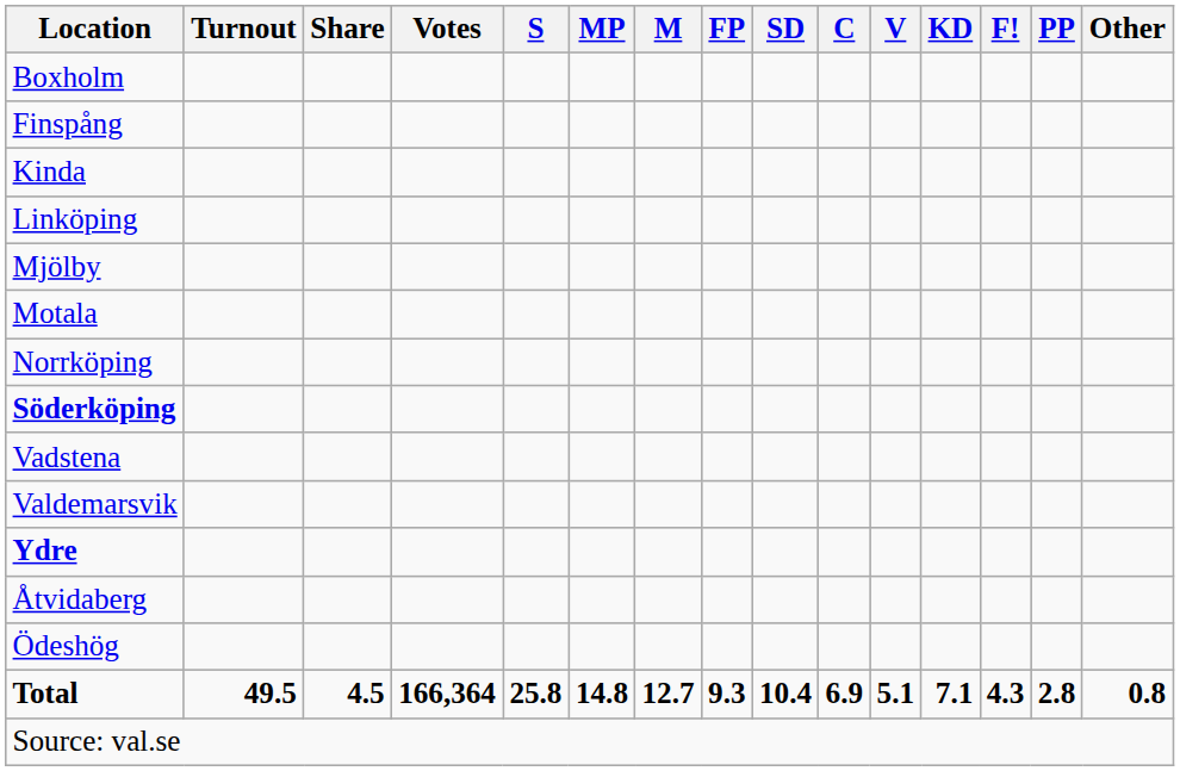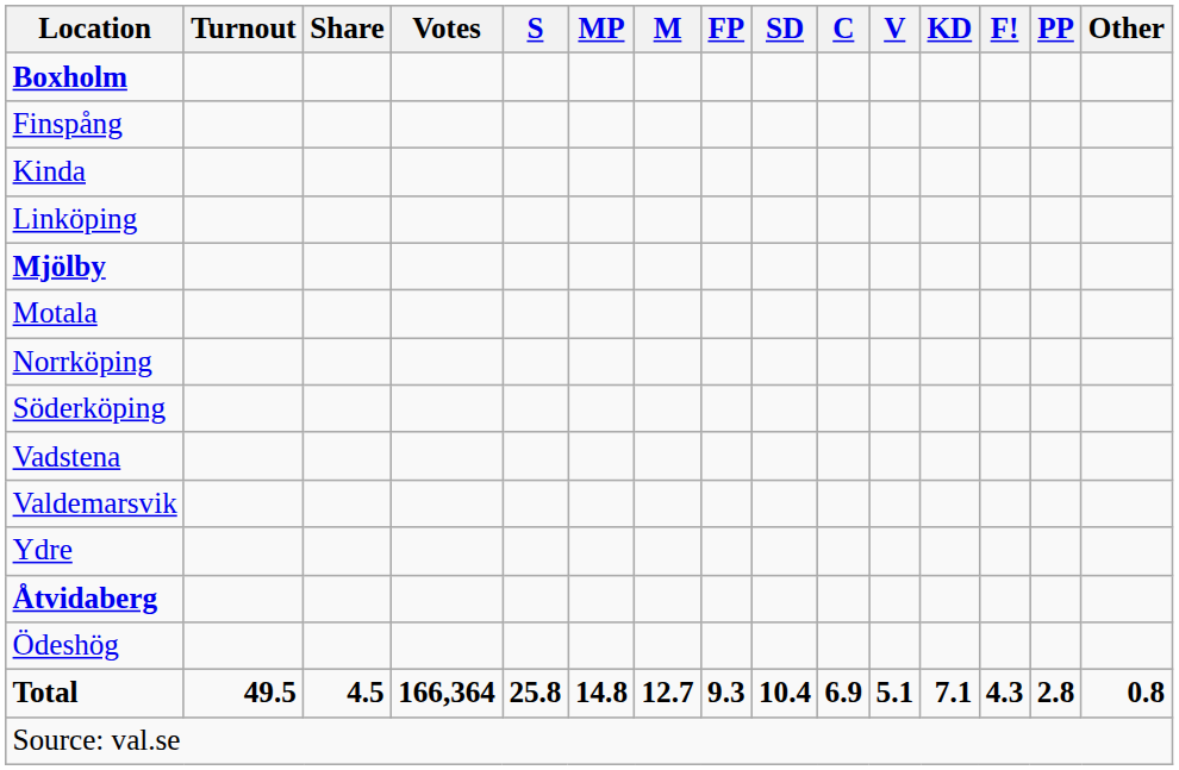 <table class="wikitable sortable" style=text-align:right>
 <tr>
 <th>Location</th>
 <th>Turnout</th>
 <th>Share</th>
 <th>Votes</th>
 <th><a href='#'>S</a></th>
 <th><a href='#'>MP</a></th>
 <th><a href='#'>M</a></th>
 <th><a href='#'>FP</a></th>
 <th><a href='#'>SD</a></th>
 <th><a href='#'>C</a></th>
 <th><a href='#'>V</a></th>
 <th><a href='#'>KD</a></th>
 <th><a href='#'>F!</a></th>
 <th><a href='#'>PP</a></th>
 <th>Other</th>
 </tr>
 <tr>
-<td align=left><a href='#'>Boxholm</a></td>
+<td align=left><strong><a href='#'>Boxholm</a></strong></td>
 <td></td>
 <td></td>
 <td></td>
 <td></td>
 <td></td>
 <td></td>
 <td></td>
 <td></td>
 <td></td>
 <td></td>
 <td></td>
 <td></td>
 <td></td>
 <td></td>
 </tr>
 <tr>
 <td align=left><a href='#'>Finspång</a></td>
 <td></td>
 <td></td>
 <td></td>
 <td></td>
 <td></td>
 <td></td>
 <td></td>
 <td></td>
 <td></td>
 <td></td>
 <td></td>
 <td></td>
 <td></td>
 <td></td>
 </tr>
 <tr>
 <td align=left><a href='#'>Kinda</a></td>
 <td></td>
 <td></td>
 <td></td>
 <td></td>
 <td></td>
 <td></td>
 <td></td>
 <td></td>
 <td></td>
 <td></td>
 <td></td>
 <td></td>
 <td></td>
 <td></td>
 </tr>
 <tr>
 <td align=left><a href='#'>Linköping</a></td>
 <td></td>
 <td></td>
 <td></td>
 <td></td>
 <td></td>
 <td></td>
 <td></td>
 <td></td>
 <td></td>
 <td></td>
 <td></td>
 <td></td>
 <td></td>
 <td></td>
 </tr>
 <tr>
-<td align=left><a href='#'>Mjölby</a></td>
+<td align=left><strong><a href='#'>Mjölby</a></strong></td>
 <td></td>
 <td></td>
 <td></td>
 <td></td>
 <td></td>
 <td></td>
 <td></td>
 <td></td>
 <td></td>
 <td></td>
 <td></td>
 <td></td>
 <td></td>
 <td></td>
 </tr>
 <tr>
 <td align=left><a href='#'>Motala</a></td>
 <td></td>
 <td></td>
 <td></td>
 <td></td>
 <td></td>
 <td></td>
 <td></td>
 <td></td>
 <td></td>
 <td></td>
 <td></td>
 <td></td>
 <td></td>
 <td></td>
 </tr>
 <tr>
 <td align=left><a href='#'>Norrköping</a></td>
 <td></td>
 <td></td>
 <td></td>
 <td></td>
 <td></td>
 <td></td>
 <td></td>
 <td></td>
 <td></td>
 <td></td>
 <td></td>
 <td></td>
 <td></td>
 <td></td>
 </tr>
 <tr>
-<td align=left><strong><a href='#'>Söderköping</a></strong></td>
+<td align=left><a href='#'>Söderköping</a></td>
 <td></td>
 <td></td>
 <td></td>
 <td></td>
 <td></td>
 <td></td>
 <td></td>
 <td></td>
 <td></td>
 <td></td>
 <td></td>
 <td></td>
 <td></td>
 <td></td>
 </tr>
 <tr>
 <td align=left><a href='#'>Vadstena</a></td>
 <td></td>
 <td></td>
 <td></td>
 <td></td>
 <td></td>
 <td></td>
 <td></td>
 <td></td>
 <td></td>
 <td></td>
 <td></td>
 <td></td>
 <td></td>
 <td></td>
 </tr>
 <tr>
 <td align=left><a href='#'>Valdemarsvik</a></td>
 <td></td>
 <td></td>
 <td></td>
 <td></td>
 <td></td>
 <td></td>
 <td></td>
 <td></td>
 <td></td>
 <td></td>
 <td></td>
 <td></td>
 <td></td>
 <td></td>
 </tr>
 <tr>
-<td align=left><strong><a href='#'>Ydre</a></strong></td>
+<td align=left><a href='#'>Ydre</a></td>
 <td></td>
 <td></td>
 <td></td>
 <td></td>
 <td></td>
 <td></td>
 <td></td>
 <td></td>
 <td></td>
 <td></td>
 <td></td>
 <td></td>
 <td></td>
 <td></td>
 </tr>
 <tr>
-<td align=left><a href='#'>Åtvidaberg</a></td>
+<td align=left><strong><a href='#'>Åtvidaberg</a></strong></td>
 <td></td>
 <td></td>
 <td></td>
 <td></td>
 <td></td>
 <td></td>
 <td></td>
 <td></td>
 <td></td>
 <td></td>
 <td></td>
 <td></td>
 <td></td>
 <td></td>
 </tr>
 <tr>
 <td align=left><a href='#'>Ödeshög</a></td>
 <td></td>
 <td></td>
 <td></td>
 <td></td>
 <td></td>
 <td></td>
 <td></td>
 <td></td>
 <td></td>
 <td></td>
 <td></td>
 <td></td>
 <td></td>
 <td></td>
 </tr>
 <tr>
 <td align=left><strong>Total</strong></td>
 <td><strong>49.5</strong></td>
 <td><strong>4.5</strong></td>
 <td><strong>166,364</strong></td>
 <td><strong>25.8</strong></td>
 <td><strong>14.8</strong></td>
 <td><strong>12.7</strong></td>
 <td><strong>9.3</strong></td>
 <td><strong>10.4</strong></td>
 <td><strong>6.9</strong></td>
 <td><strong>5.1</strong></td>
 <td><strong>7.1</strong></td>
 <td><strong>4.3</strong></td>
 <td><strong>2.8</strong></td>
 <td><strong>0.8</strong></td>
 </tr>
 <tr>
 <td align=left colspan=15>Source: val.se </td>
 </tr>
 </table>
